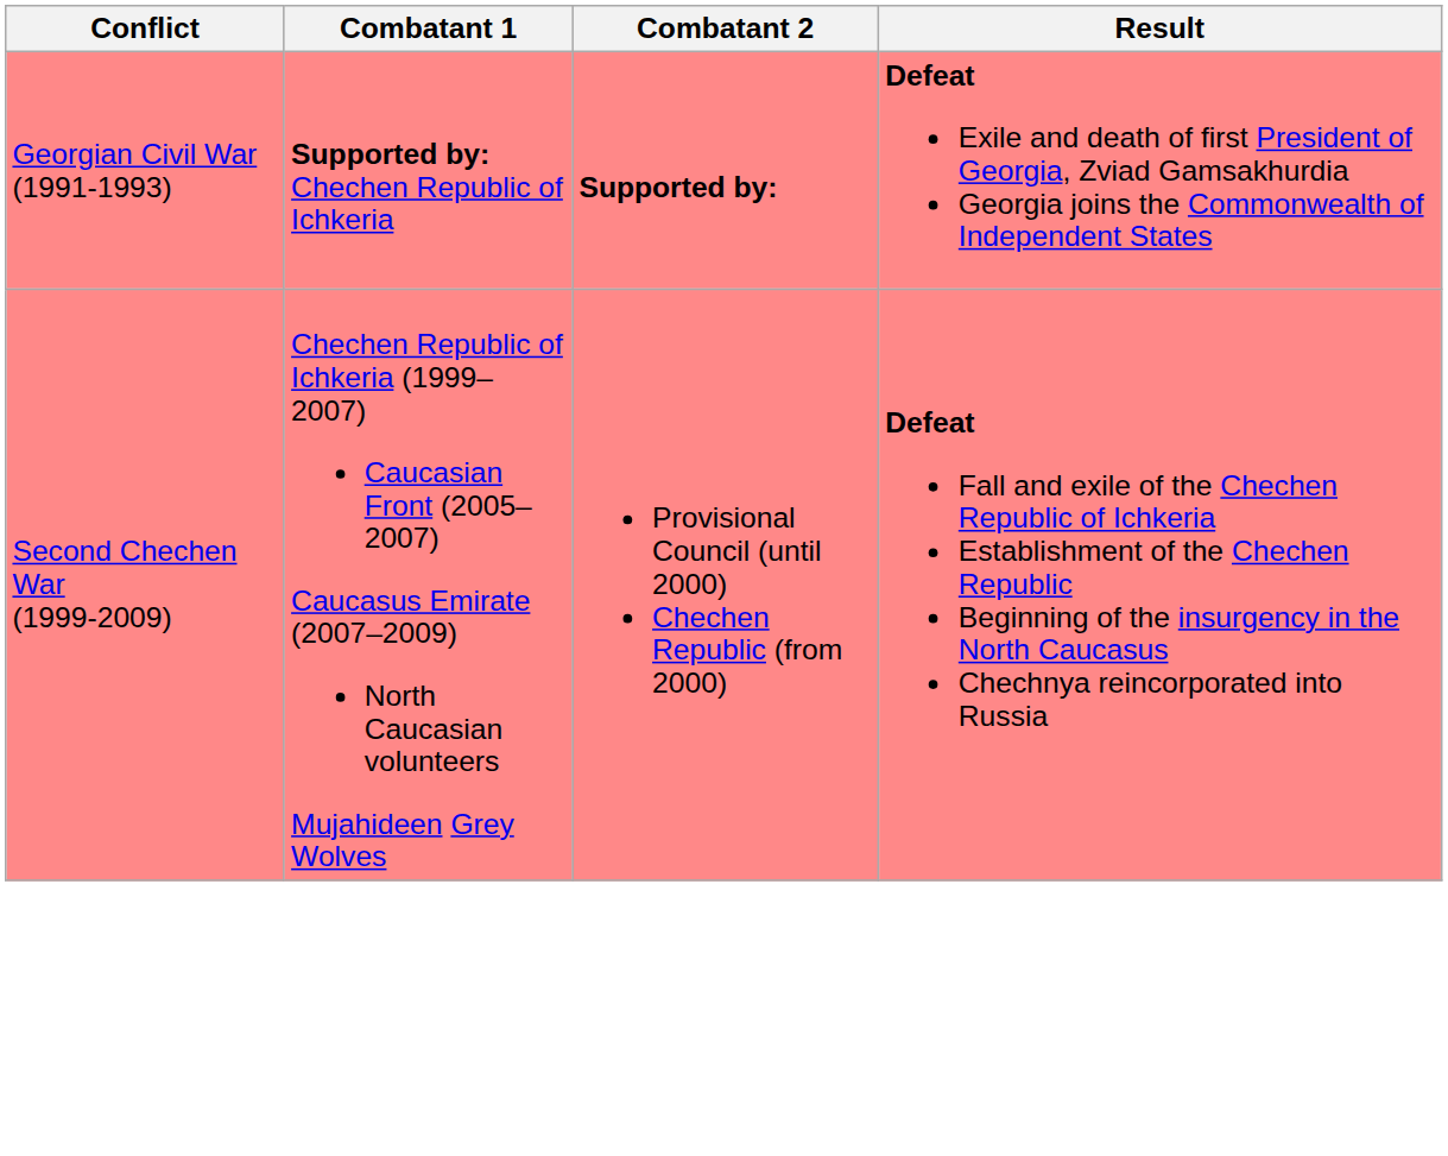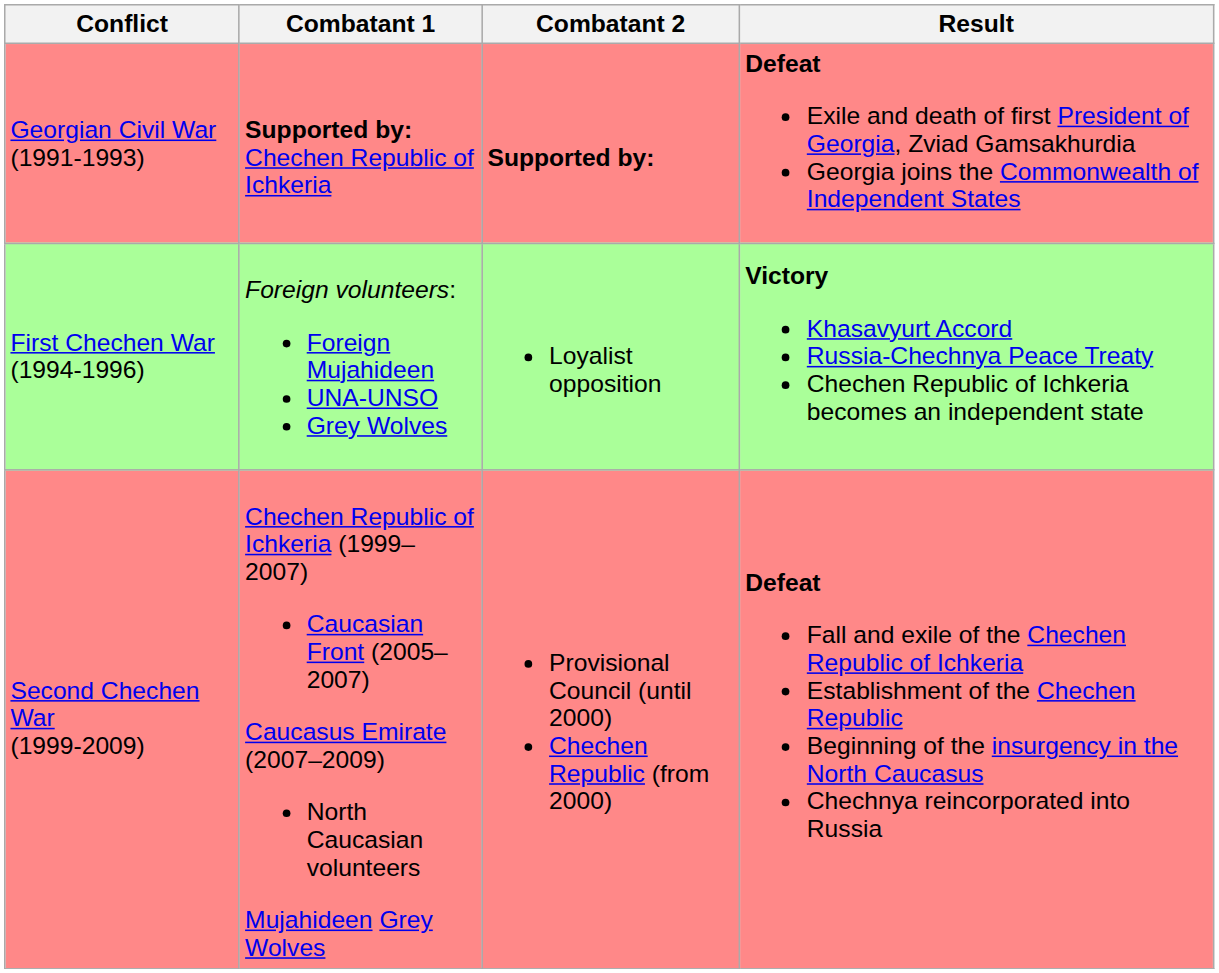 <table class="wikitable">
 <tr>
 <th width="145">Conflict</th>
 <th width="150">Combatant 1</th>
 <th width="160">Combatant 2</th>
 <th width="300">Result</th>
 </tr>
 <tr style="Background:#F88">
 <td><a href='#'>Georgian Civil War</a> (1991-1993)</td>
 <td><br><strong>Supported by:</strong><br>  <a href='#'>Chechen Republic of Ichkeria</a></td>
 <td><br><strong>Supported by:</strong> </td>
 <td><strong>Defeat</strong><br><ul><li>Exile and death of first <a href='#'>President of Georgia</a>, Zviad Gamsakhurdia</li><li>Georgia joins the <a href='#'>Commonwealth of Independent States</a></li></ul></td>
 </tr>
+<tr style="Background:#AF9">
+<td><a href='#'>First Chechen War</a> (1994-1996)</td>
+<td><br><em>Foreign volunteers</em>:<ul><li> <a href='#'>Foreign Mujahideen</a></li><li> <a href='#'>UNA-UNSO</a></li><li> <a href='#'>Grey Wolves</a></li></ul></td>
+<td><br><ul><li> Loyalist opposition</li></ul></td>
+<td><strong>Victory</strong><br><ul><li><a href='#'>Khasavyurt Accord</a></li><li><a href='#'>Russia-Chechnya Peace Treaty</a></li><li>Chechen Republic of Ichkeria becomes an independent state</li></ul></td>
+</tr>
 <tr style="Background:#F88">
 <td><a href='#'>Second Chechen War</a><br>(1999-2009)</td>
 <td><br> <a href='#'>Chechen Republic of Ichkeria</a> (1999–2007)<ul><li> <a href='#'>Caucasian Front</a> (2005–2007)</li></ul> <a href='#'>Caucasus Emirate</a> (2007–2009)<ul><li>North Caucasian volunteers</li></ul> <a href='#'>Mujahideen</a>  <a href='#'>Grey Wolves</a></td>
 <td><br><ul><li> Provisional Council (until 2000)</li><li> <a href='#'>Chechen Republic</a> (from 2000)</li></ul></td>
 <td><strong>Defeat</strong><br><ul><li>Fall and exile of the <a href='#'>Chechen Republic of Ichkeria</a></li><li>Establishment of the <a href='#'>Chechen Republic</a></li><li>Beginning of the <a href='#'>insurgency in the North Caucasus</a></li><li>Chechnya reincorporated into Russia</li></ul></td>
 </tr>
 </table>
